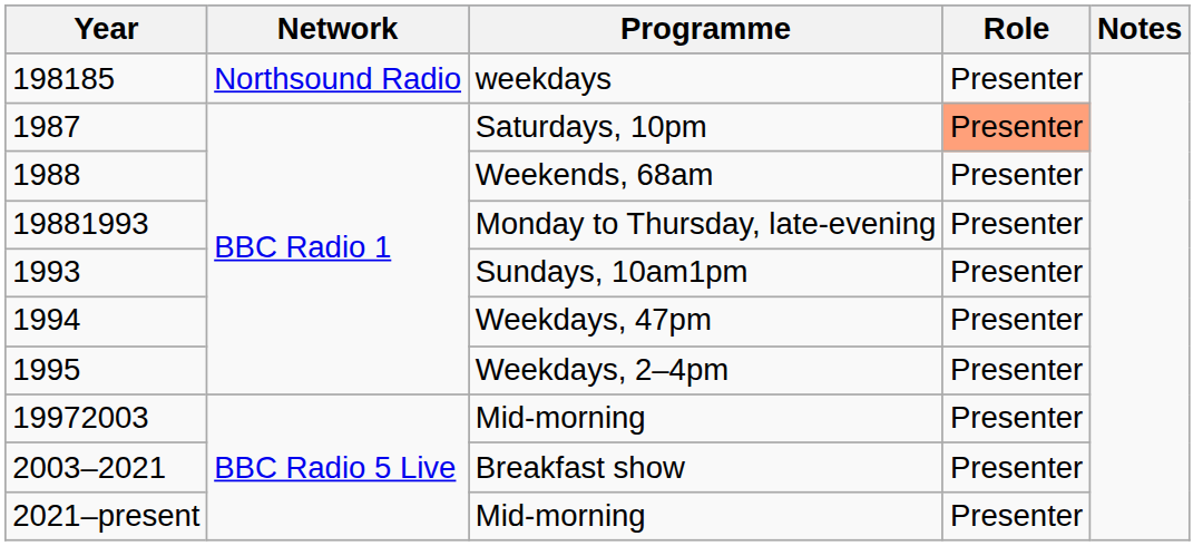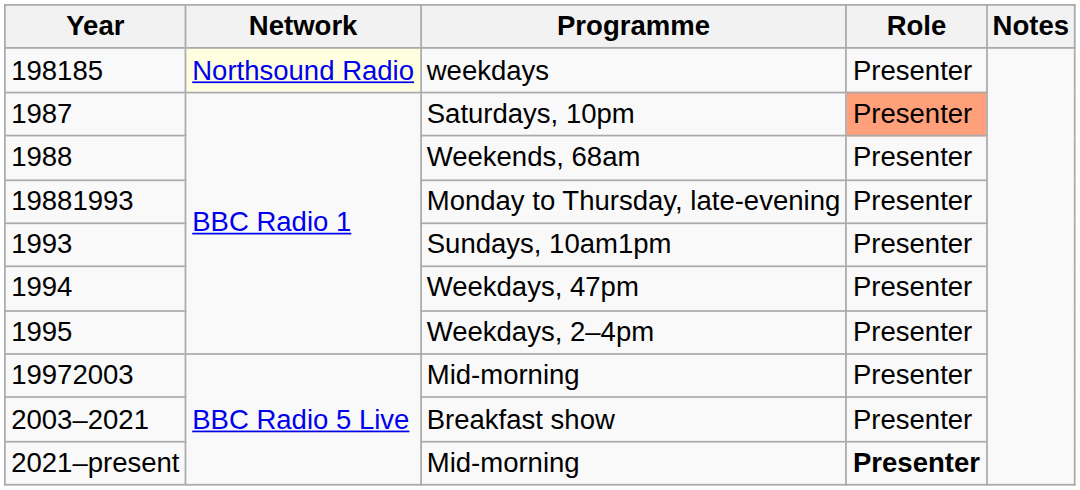 <table class="wikitable">
 <tr style="background:#b0c4de; text-align:center;">
 <th>Year</th>
 <th>Network</th>
 <th>Programme</th>
 <th>Role</th>
 <th>Notes</th>
 </tr>
 <tr>
 <td>198185</td>
-<td><a href='#'>Northsound Radio</a></td>
+<td style="background: lightyellow;"><a href='#'>Northsound Radio</a></td>
 <td>weekdays</td>
 <td>Presenter</td>
 </tr>
 <tr>
 <td>1987</td>
 <td rowspan=6><a href='#'>BBC Radio 1</a></td>
 <td>Saturdays, 10pm</td>
 <td style="background: lightsalmon;">Presenter</td>
 </tr>
 <tr>
 <td>1988</td>
 <td>Weekends, 68am</td>
 <td>Presenter</td>
 </tr>
 <tr>
 <td>19881993</td>
 <td>Monday to Thursday, late-evening</td>
 <td>Presenter</td>
 </tr>
 <tr>
 <td>1993</td>
 <td>Sundays, 10am1pm</td>
 <td>Presenter</td>
 </tr>
 <tr>
 <td>1994</td>
 <td>Weekdays, 47pm</td>
 <td>Presenter</td>
 </tr>
 <tr>
 <td>1995</td>
 <td>Weekdays, 2–4pm</td>
 <td>Presenter</td>
 </tr>
 <tr>
 <td>19972003</td>
 <td rowspan=3><a href='#'>BBC Radio 5 Live</a></td>
 <td>Mid-morning</td>
 <td>Presenter</td>
 </tr>
 <tr>
 <td>2003–2021</td>
 <td>Breakfast show</td>
 <td>Presenter</td>
 </tr>
 <tr>
 <td>2021–present</td>
 <td>Mid-morning</td>
-<td>Presenter</td>
+<td><strong>Presenter</strong></td>
 </tr>
 </table>
